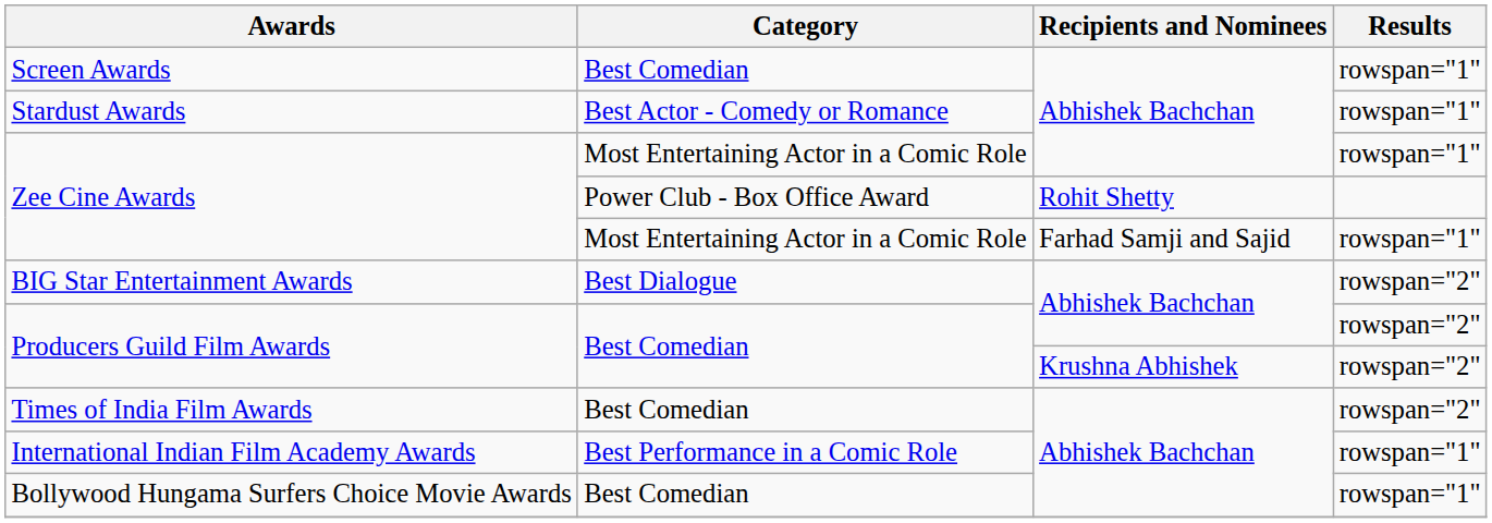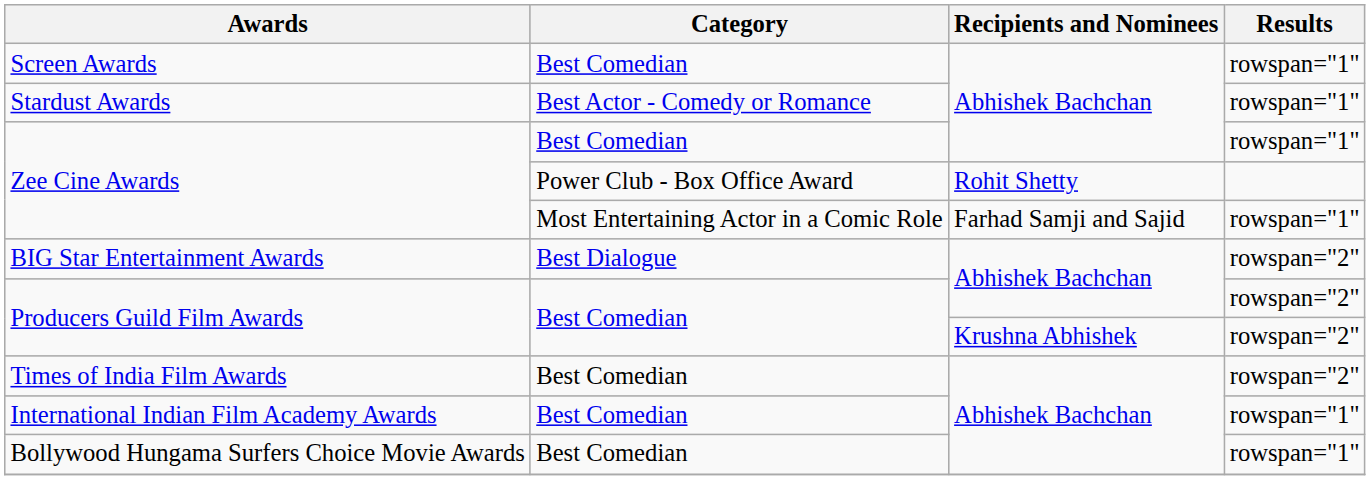 <table class="wikitable plainrowheaders sortable">
 <tr>
 <th>Awards</th>
 <th>Category</th>
 <th>Recipients and Nominees</th>
 <th>Results</th>
 </tr>
 <tr>
 <td rowspan="1"><a href='#'>Screen Awards</a></td>
 <td><a href='#'>Best Comedian</a></td>
 <td rowspan="3"><a href='#'>Abhishek Bachchan</a></td>
 <td>rowspan="1" </td>
 </tr>
 <tr>
 <td rowspan="1"><a href='#'>Stardust Awards</a></td>
 <td><a href='#'>Best Actor - Comedy or Romance</a></td>
 <td>rowspan="1" </td>
 </tr>
 <tr>
 <td rowspan="3"><a href='#'>Zee Cine Awards</a></td>
-<td>Most Entertaining Actor in a Comic Role</td>
+<td><a href='#'>Best Comedian</a></td>
 <td>rowspan="1" </td>
 </tr>
 <tr>
 <td>Power Club - Box Office Award</td>
 <td><a href='#'>Rohit Shetty</a></td>
 </tr>
 <tr>
 <td>Most Entertaining Actor in a Comic Role</td>
 <td>Farhad Samji and Sajid</td>
 <td>rowspan="1" </td>
 </tr>
 <tr>
 <td rowspan="1"><a href='#'>BIG Star Entertainment Awards</a></td>
 <td><a href='#'>Best Dialogue</a></td>
 <td rowspan="2"><a href='#'>Abhishek Bachchan</a></td>
 <td>rowspan="2" </td>
 </tr>
 <tr>
 <td rowspan="2"><a href='#'>Producers Guild Film Awards</a></td>
 <td rowspan="2"><a href='#'>Best Comedian</a></td>
 <td>rowspan="2" </td>
 </tr>
 <tr>
 <td><a href='#'>Krushna Abhishek</a></td>
 <td>rowspan="2" </td>
 </tr>
 <tr>
 <td rowspan="1"><a href='#'>Times of India Film Awards</a></td>
 <td>Best Comedian</td>
 <td rowspan="3"><a href='#'>Abhishek Bachchan</a></td>
 <td>rowspan="2" </td>
 </tr>
 <tr>
 <td rowspan="1"><a href='#'>International Indian Film Academy Awards</a></td>
-<td><a href='#'>Best Performance in a Comic Role</a></td>
+<td><a href='#'>Best Comedian</a></td>
 <td>rowspan="1" </td>
 </tr>
 <tr>
 <td rowspan="1">Bollywood Hungama Surfers Choice Movie Awards</td>
 <td>Best Comedian</td>
 <td>rowspan="1" </td>
 </tr>
 <tr>
 </tr>
 </table>
